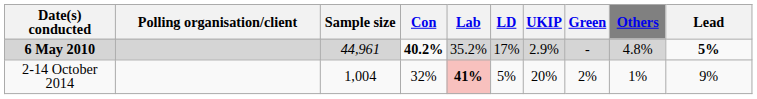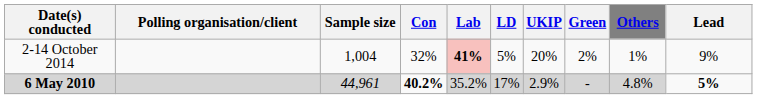 <table class="wikitable sortable" style="text-align:center;font-size:90%;line-height:14px">
 <tr>
 <th ! style="width:105px;">Date(s)<br>conducted</th>
 <th style="width:200px;">Polling organisation/client</th>
 <th class="unsortable" style="width:75px;">Sample size</th>
 <th class="unsortable" style="background:"><a href='#'><span>Con</span></a></th>
 <th class="unsortable" style="background:"><a href='#'><span>Lab</span></a></th>
 <th class="unsortable" style="background:"><a href='#'><span>LD</span></a></th>
 <th class="unsortable" style="background:"><a href='#'><span>UKIP</span></a></th>
 <th class="unsortable" style="background:"><a href='#'><span>Green</span></a></th>
 <th class="unsortable" style="background:gray; width:50px;"><a href='#'><span>Others</span></a></th>
 <th class="unsortable" style="width:80px;">Lead</th>
 </tr>
 <tr>
+<td>2-14 October 2014</td>
+<td> </td>
+<td>1,004</td>
+<td>32%</td>
+<td style="background:#F8C1BE"><strong>41%</strong></td>
+<td>5%</td>
+<td>20%</td>
+<td>2%</td>
+<td>1%</td>
+<td style="background:">9%</td>
+</tr>
+<tr>
 <td style="background:#D5D5D5"><strong>6 May 2010</strong></td>
 <td style="background:#D5D5D5"></td>
 <td style="background:#D5D5D5"><em>44,961</em></td>
 <td style="background:"><strong>40.2%</strong></td>
 <td style="background:#D5D5D5">35.2%</td>
 <td style="background:#D5D5D5">17%</td>
 <td style="background:#D5D5D5">2.9%</td>
 <td style="background:#D5D5D5">-</td>
 <td style="background:#D5D5D5">4.8%</td>
 <td style="background:"><strong>5% </strong></td>
 </tr>
-<tr>
-<td>2-14 October 2014</td>
-<td> </td>
-<td>1,004</td>
-<td>32%</td>
-<td style="background:#F8C1BE"><strong>41%</strong></td>
-<td>5%</td>
-<td>20%</td>
-<td>2%</td>
-<td>1%</td>
-<td style="background:">9%</td>
-</tr>
 </table>
